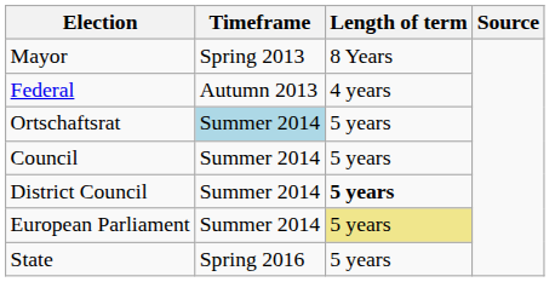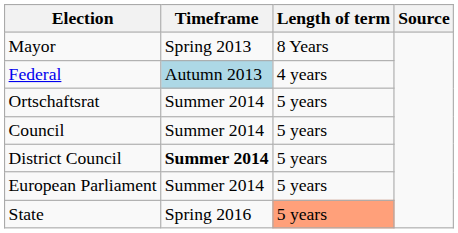 <table class="wikitable">
 <tr>
 <th>Election</th>
 <th>Timeframe</th>
 <th>Length of term</th>
 <th>Source</th>
 </tr>
 <tr>
 <td>Mayor</td>
 <td>Spring 2013</td>
 <td>8 Years</td>
 <td rowspan="7"></td>
 </tr>
 <tr>
 <td><a href='#'>Federal</a></td>
-<td>Autumn 2013</td>
+<td style="background: lightblue;">Autumn 2013</td>
 <td>4 years</td>
 </tr>
 <tr>
 <td>Ortschaftsrat</td>
-<td style="background: lightblue;">Summer 2014</td>
+<td>Summer 2014</td>
 <td>5 years</td>
 </tr>
 <tr>
 <td>Council</td>
 <td>Summer 2014</td>
 <td>5 years</td>
 </tr>
 <tr>
 <td>District Council</td>
-<td>Summer 2014</td>
-<td><strong>5 years</strong></td>
+<td><strong>Summer 2014</strong></td>
+<td>5 years</td>
 </tr>
 <tr>
 <td>European Parliament</td>
 <td>Summer 2014</td>
-<td style="background: khaki;">5 years</td>
+<td>5 years</td>
 </tr>
 <tr>
 <td>State</td>
 <td>Spring 2016</td>
-<td>5 years</td>
+<td style="background: lightsalmon;">5 years</td>
 </tr>
 </table>
